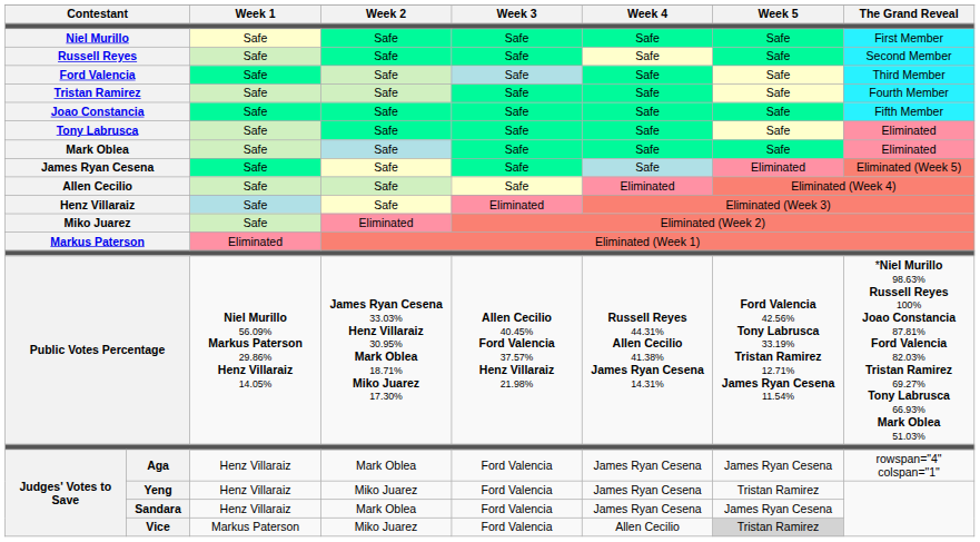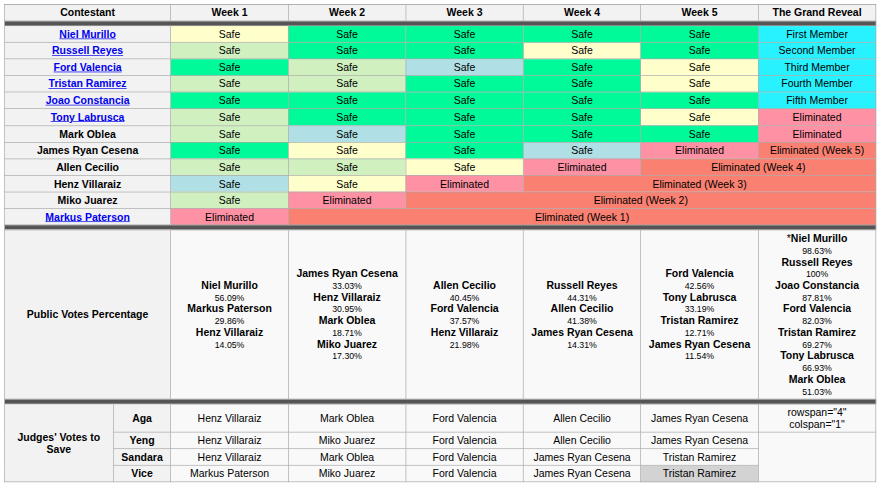 <table class="wikitable" style="text-align:center; width:100%; font-size: 95%;">
 <tr>
 </tr>
 <tr>
 <th colspan="2" style="width:13%;">Contestant</th>
 <th style="width:10%;">Week 1</th>
 <th style="width:10%;">Week 2</th>
 <th style="width:10%;">Week 3</th>
 <th style="width:10%;">Week 4</th>
 <th style="width:10%;">Week 5</th>
 <th style="width:10%;">The Grand Reveal</th>
 </tr>
 <tr>
 <th colspan="8" style="background:#555;"></th>
 </tr>
 <tr>
 <th colspan="2"><a href='#'>Niel Murillo</a></th>
 <td style="background:#FFFFCC">Safe</td>
 <td style="background:#00FA9A">Safe</td>
 <td style="background:#00FA9A">Safe</td>
 <td style="background:#00FA9A">Safe</td>
 <td style="background:#00FA9A">Safe</td>
 <td style="background:#28f2ff">First Member</td>
 </tr>
 <tr>
 <th colspan="2"><a href='#'>Russell Reyes</a></th>
 <td style="background:#d0f0c0">Safe</td>
 <td style="background:#00FA9A">Safe</td>
 <td style="background:#00FA9A">Safe</td>
 <td style="background:#FFFFCC">Safe</td>
 <td style="background:#00FA9A">Safe</td>
 <td style="background:#28f2ff">Second Member</td>
 </tr>
 <tr>
 <th colspan="2"><a href='#'>Ford Valencia</a></th>
 <td style="background:#00FA9A">Safe</td>
 <td style="background:#d0f0c0">Safe</td>
 <td style="background:#B0E0E6">Safe</td>
 <td style="background:#00FA9A">Safe</td>
 <td style="background:#FFFFCC">Safe</td>
 <td style="background:#28f2ff">Third Member</td>
 </tr>
 <tr>
 <th colspan="2"><a href='#'>Tristan Ramirez</a></th>
 <td style="background:#d0f0c0">Safe</td>
 <td style="background:#d0f0c0">Safe</td>
 <td style="background:#00FA9A">Safe</td>
 <td style="background:#00FA9A">Safe</td>
 <td style="background:#FFFFCC">Safe</td>
 <td style="background:#28f2ff">Fourth Member</td>
 </tr>
 <tr>
 <th colspan="2"><a href='#'>Joao Constancia</a></th>
 <td style="background:#00FA9A">Safe</td>
 <td style="background:#00FA9A">Safe</td>
 <td style="background:#00FA9A">Safe</td>
 <td style="background:#00FA9A">Safe</td>
 <td style="background:#00FA9A">Safe</td>
 <td style="background:#28f2ff">Fifth Member</td>
 </tr>
 <tr>
 <th colspan="2"><a href='#'>Tony Labrusca</a></th>
 <td style="background:#d0f0c0">Safe</td>
 <td style="background:#00FA9A">Safe</td>
 <td style="background:#00FA9A">Safe</td>
 <td style="background:#00FA9A">Safe</td>
 <td style="background:#FFFFCC">Safe</td>
 <td style="background:#FF91A4">Eliminated</td>
 </tr>
 <tr>
 <th colspan="2">Mark Oblea</th>
 <td style="background:#d0f0c0">Safe</td>
 <td style="background:#B0E0E6">Safe</td>
 <td style="background:#00FA9A">Safe</td>
 <td style="background:#00FA9A">Safe</td>
 <td style="background:#00FA9A">Safe</td>
 <td style="background:#FF91A4">Eliminated</td>
 </tr>
 <tr>
 <th colspan="2">James Ryan Cesena</th>
 <td style="background:#00FA9A">Safe</td>
 <td style="background:#FFFFCC">Safe</td>
 <td style="background:#00FA9A">Safe</td>
 <td style="background:#B0E0E6">Safe</td>
 <td style="background:#FF91A4">Eliminated</td>
 <td colspan="1" style="background:salmon">Eliminated (Week 5)</td>
 </tr>
 <tr>
 <th colspan="2">Allen Cecilio</th>
 <td style="background:#d0f0c0">Safe</td>
 <td style="background:#d0f0c0">Safe</td>
 <td style="background:#FFFFCC">Safe</td>
 <td style="background:#FF91A4">Eliminated</td>
 <td colspan="2" style="background:salmon">Eliminated (Week 4)</td>
 </tr>
 <tr>
 <th colspan="2">Henz Villaraiz</th>
 <td style="background:#B0E0E6">Safe</td>
 <td style="background:#FFFFCC">Safe</td>
 <td style="background:#FF91A4">Eliminated</td>
 <td colspan="3" style="background:salmon">Eliminated (Week 3)</td>
 </tr>
 <tr>
 <th colspan="2">Miko Juarez</th>
 <td style="background:#d0f0c0">Safe</td>
 <td style="background:#FF91A4">Eliminated</td>
 <td colspan="4" style="background:salmon">Eliminated (Week 2)</td>
 </tr>
 <tr>
 <th colspan="2"><a href='#'>Markus Paterson</a></th>
 <td style="background:#FF91A4">Eliminated</td>
 <td colspan="5" style="background:salmon">Eliminated (Week 1)</td>
 </tr>
 <tr>
 <td colspan="8" style="background:#555;"></td>
 </tr>
 <tr>
 <th scope="row" colspan="2">Public Votes Percentage <br> <small></small></th>
 <td><strong>Niel Murillo</strong> <br> <small>56.09%</small> <br> <strong>Markus Paterson</strong> <br> <small>29.86%</small> <br> <strong>Henz Villaraiz</strong> <br> <small>14.05%</small></td>
 <td><strong>James Ryan Cesena</strong> <br> <small>33.03%</small> <br> <strong>Henz Villaraiz</strong> <br> <small>30.95%</small> <br> <strong>Mark Oblea</strong> <br> <small>18.71%</small> <br> <strong>Miko Juarez</strong> <br> <small>17.30%</small></td>
 <td><strong>Allen Cecilio</strong> <br> <small>40.45%</small> <br> <strong>Ford Valencia</strong> <br> <small>37.57%</small> <br> <strong>Henz Villaraiz</strong> <br> <small>21.98%</small></td>
 <td><strong>Russell Reyes</strong> <br> <small>44.31%</small> <br> <strong>Allen Cecilio</strong> <br> <small>41.38%</small> <br> <strong>James Ryan Cesena</strong> <br> <small>14.31%</small></td>
 <td><strong>Ford Valencia</strong> <br> <small>42.56%</small> <br> <strong>Tony Labrusca</strong> <br> <small>33.19%</small> <br> <strong>Tristan Ramirez</strong> <br> <small>12.71%</small> <br> <strong>James Ryan Cesena</strong> <br> <small>11.54%</small></td>
 <td>*<strong>Niel Murillo</strong> <br> <small>98.63%</small> <br> <strong>Russell Reyes</strong> <br> <small>100%</small> <br> <strong>Joao Constancia</strong> <br> <small>87.81%</small> <br> <strong>Ford Valencia</strong> <br> <small>82.03%</small> <br> <strong>Tristan Ramirez</strong> <br> <small>69.27%</small> <br> <strong>Tony Labrusca</strong> <br> <small>66.93%</small> <br> <strong>Mark Oblea</strong> <br> <small>51.03%</small></td>
 </tr>
 <tr>
 <td colspan="8" style="background:#555;"></td>
 </tr>
 <tr>
 <th scope="row" rowspan="4">Judges' Votes to Save</th>
 <th scope="row">Aga</th>
 <td>Henz Villaraiz</td>
 <td>Mark Oblea</td>
 <td>Ford Valencia</td>
-<td>James Ryan Cesena</td>
+<td>Allen Cecilio</td>
 <td>James Ryan Cesena</td>
 <td>rowspan="4" colspan="1" </td>
 </tr>
 <tr>
 <th scope="row">Yeng</th>
 <td>Henz Villaraiz</td>
 <td>Miko Juarez</td>
 <td>Ford Valencia</td>
+<td>Allen Cecilio</td>
 <td>James Ryan Cesena</td>
-<td>Tristan Ramirez</td>
 </tr>
 <tr>
 <th scope="row">Sandara</th>
 <td>Henz Villaraiz</td>
 <td>Mark Oblea</td>
 <td>Ford Valencia</td>
 <td>James Ryan Cesena</td>
-<td>James Ryan Cesena</td>
+<td>Tristan Ramirez</td>
 </tr>
 <tr>
 <th scope="row">Vice</th>
 <td>Markus Paterson</td>
 <td>Miko Juarez</td>
 <td>Ford Valencia</td>
-<td>Allen Cecilio</td>
+<td>James Ryan Cesena</td>
 <td style="background: lightgrey;">Tristan Ramirez</td>
 </tr>
 </table>
